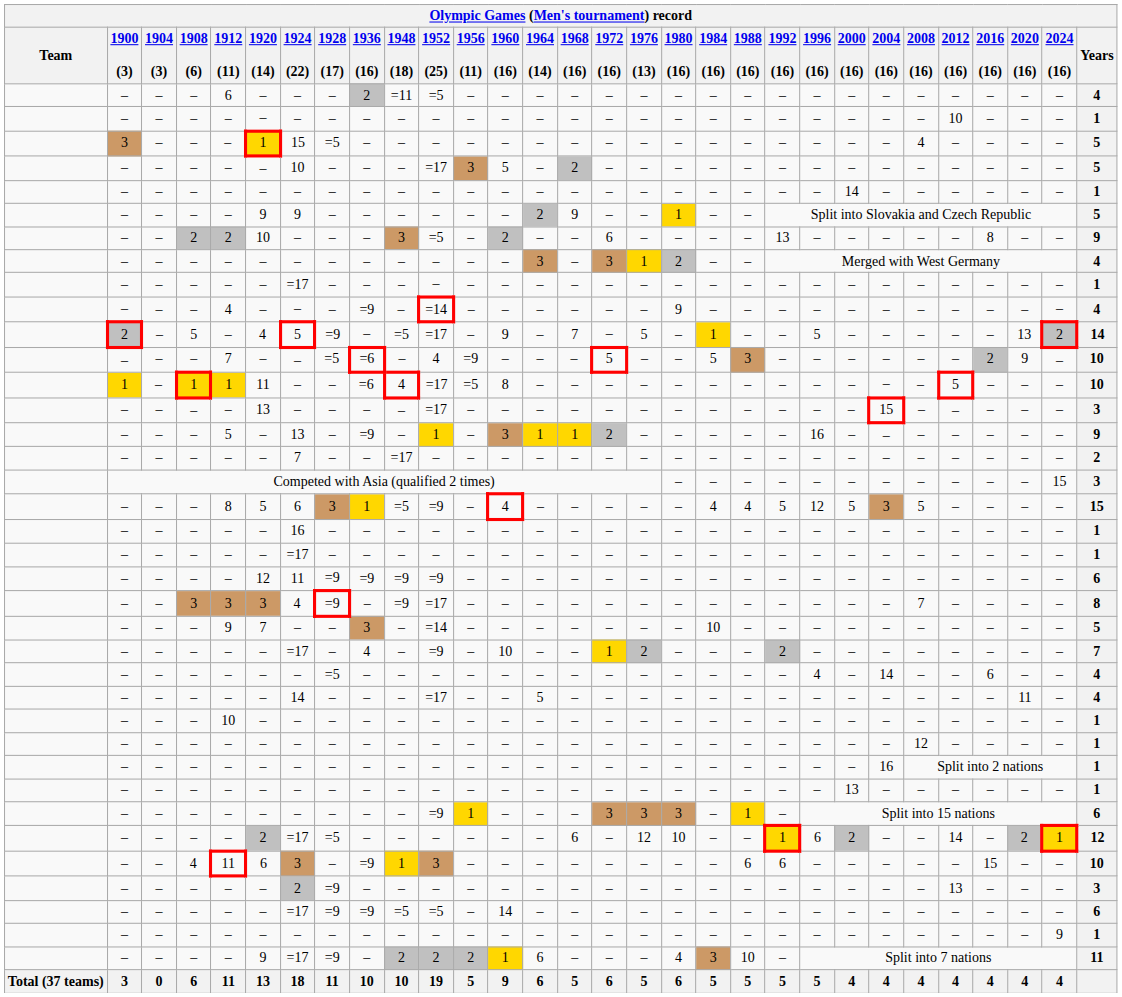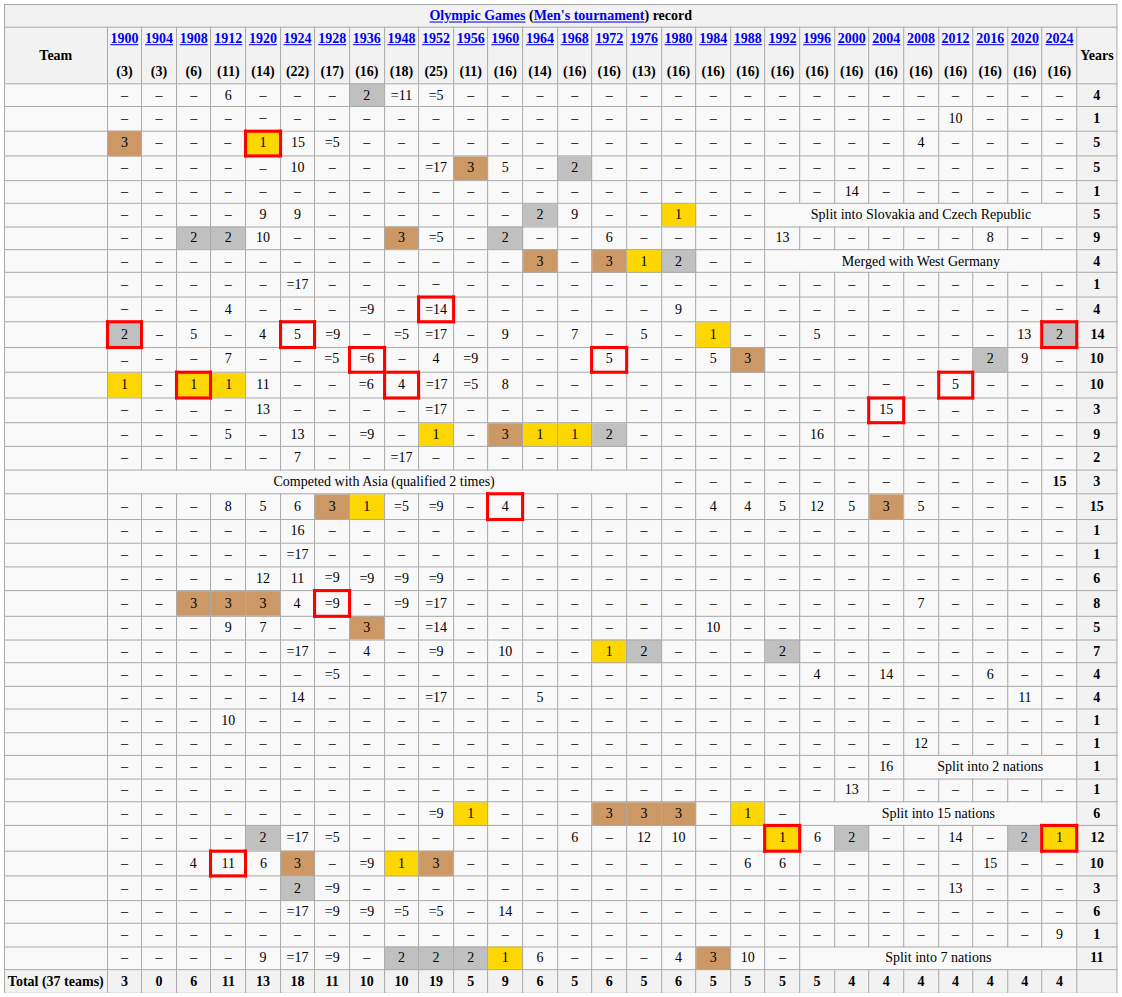 <table class="wikitable" style="text-align:center; font-size:85%;">
 <tr>
 <th colspan="30"><a href='#'>Olympic Games</a> (<a href='#'>Men's tournament</a>) record</th>
 </tr>
 <tr>
 <th>Team</th>
 <th><a href='#'>1900</a><br><br>(3)</th>
 <th><a href='#'>1904</a><br><br>(3)</th>
 <th><a href='#'>1908</a><br><br>(6)</th>
 <th><a href='#'>1912</a><br><br>(11)</th>
 <th><a href='#'>1920</a><br><br>(14)</th>
 <th><a href='#'>1924</a><br><br>(22)</th>
 <th><a href='#'>1928</a><br><br>(17)</th>
 <th><a href='#'>1936</a><br><br>(16)</th>
 <th><a href='#'>1948</a><br><br>(18)</th>
 <th><a href='#'>1952</a><br><br>(25)</th>
 <th><a href='#'>1956</a><br><br>(11)</th>
 <th><a href='#'>1960</a><br><br>(16)</th>
 <th><a href='#'>1964</a><br><br>(14)</th>
 <th><a href='#'>1968</a><br><br>(16)</th>
 <th><a href='#'>1972</a><br><br>(16)</th>
 <th><a href='#'>1976</a><br><br>(13)</th>
 <th><a href='#'>1980</a><br><br>(16)</th>
 <th><a href='#'>1984</a><br><br>(16)</th>
 <th><a href='#'>1988</a><br><br>(16)</th>
 <th><a href='#'>1992</a><br><br>(16)</th>
 <th><a href='#'>1996</a><br><br>(16)</th>
 <th><a href='#'>2000</a><br><br>(16)</th>
 <th><a href='#'>2004</a><br><br>(16)</th>
 <th><a href='#'>2008</a><br><br>(16)</th>
 <th><a href='#'>2012</a><br><br>(16)</th>
 <th><a href='#'>2016</a><br><br>(16)</th>
 <th><a href='#'>2020</a><br><br>(16)</th>
 <th><a href='#'>2024</a><br><br>(16)</th>
 <th>Years</th>
 </tr>
 <tr>
 <td align=left></td>
 <td>–</td>
 <td>–</td>
 <td>–</td>
 <td>6</td>
 <td>–</td>
 <td>–</td>
 <td>–</td>
 <td style="background:silver;">2</td>
 <td>=11</td>
 <td>=5</td>
 <td>–</td>
 <td>–</td>
 <td>–</td>
 <td>–</td>
 <td>–</td>
 <td>–</td>
 <td>–</td>
 <td>–</td>
 <td>–</td>
 <td>–</td>
 <td>–</td>
 <td>–</td>
 <td>–</td>
 <td>–</td>
 <td>–</td>
 <td>–</td>
 <td>–</td>
 <td>–</td>
 <th><strong>4</strong></th>
 </tr>
 <tr>
 <td align=left></td>
 <td>–</td>
 <td>–</td>
 <td>–</td>
 <td>–</td>
 <td>–</td>
 <td>–</td>
 <td>–</td>
 <td>–</td>
 <td>–</td>
 <td>–</td>
 <td>–</td>
 <td>–</td>
 <td>–</td>
 <td>–</td>
 <td>–</td>
 <td>–</td>
 <td>–</td>
 <td>–</td>
 <td>–</td>
 <td>–</td>
 <td>–</td>
 <td>–</td>
 <td>–</td>
 <td>–</td>
 <td>10</td>
 <td>–</td>
 <td>–</td>
 <td>–</td>
 <th><strong>1</strong></th>
 </tr>
 <tr>
 <td align=left></td>
 <td style="background:#c96;">3</td>
 <td>–</td>
 <td>–</td>
 <td>–</td>
 <td style="border:3px solid red; background:gold">1</td>
 <td>15</td>
 <td>=5</td>
 <td>–</td>
 <td>–</td>
 <td>–</td>
 <td>–</td>
 <td>–</td>
 <td>–</td>
 <td>–</td>
 <td>–</td>
 <td>–</td>
 <td>–</td>
 <td>–</td>
 <td>–</td>
 <td>–</td>
 <td>–</td>
 <td>–</td>
 <td>–</td>
 <td>4</td>
 <td>–</td>
 <td>–</td>
 <td>–</td>
 <td>–</td>
 <th><strong>5</strong></th>
 </tr>
 <tr>
 <td align=left></td>
 <td>–</td>
 <td>–</td>
 <td>–</td>
 <td>–</td>
 <td>–</td>
 <td>10</td>
 <td>–</td>
 <td>–</td>
 <td>–</td>
 <td>=17</td>
 <td style="background:#c96;">3</td>
 <td>5</td>
 <td>–</td>
 <td style="background:silver;">2</td>
 <td>–</td>
 <td>–</td>
 <td>–</td>
 <td>–</td>
 <td>–</td>
 <td>–</td>
 <td>–</td>
 <td>–</td>
 <td>–</td>
 <td>–</td>
 <td>–</td>
 <td>–</td>
 <td>–</td>
 <td>–</td>
 <th><strong>5</strong></th>
 </tr>
 <tr>
 <td align=left></td>
 <td>–</td>
 <td>–</td>
 <td>–</td>
 <td>–</td>
 <td>–</td>
 <td>–</td>
 <td>–</td>
 <td>–</td>
 <td>–</td>
 <td>–</td>
 <td>–</td>
 <td>–</td>
 <td>–</td>
 <td>–</td>
 <td>–</td>
 <td>–</td>
 <td>–</td>
 <td>–</td>
 <td>–</td>
 <td>–</td>
 <td>–</td>
 <td>14</td>
 <td>–</td>
 <td>–</td>
 <td>–</td>
 <td>–</td>
 <td>–</td>
 <td>–</td>
 <th><strong>1</strong></th>
 </tr>
 <tr>
 <td align=left></td>
 <td>–</td>
 <td>–</td>
 <td>–</td>
 <td>–</td>
 <td>9</td>
 <td>9</td>
 <td>–</td>
 <td>–</td>
 <td>–</td>
 <td>–</td>
 <td>–</td>
 <td>–</td>
 <td style="background:silver;">2</td>
 <td>9</td>
 <td>–</td>
 <td>–</td>
 <td bgcolor=gold>1</td>
 <td>–</td>
 <td>–</td>
 <td colspan=9>Split into Slovakia and Czech Republic</td>
 <th><strong>5</strong></th>
 </tr>
 <tr>
 <td align=left></td>
 <td>–</td>
 <td>–</td>
 <td style="background:silver;">2</td>
 <td style="background:silver;">2</td>
 <td>10</td>
 <td>–</td>
 <td>–</td>
 <td>–</td>
 <td style="background:#c96;">3</td>
 <td>=5</td>
 <td>–</td>
 <td style="background:silver;">2</td>
 <td>–</td>
 <td>–</td>
 <td>6</td>
 <td>–</td>
 <td>–</td>
 <td>–</td>
 <td>–</td>
 <td>13</td>
 <td>–</td>
 <td>–</td>
 <td>–</td>
 <td>–</td>
 <td>–</td>
 <td>8</td>
 <td>–</td>
 <td>–</td>
 <th><strong>9</strong></th>
 </tr>
 <tr>
 <td align=left></td>
 <td>–</td>
 <td>–</td>
 <td>–</td>
 <td>–</td>
 <td>–</td>
 <td>–</td>
 <td>–</td>
 <td>–</td>
 <td>–</td>
 <td>–</td>
 <td>–</td>
 <td>–</td>
 <td style="background:#c96;">3</td>
 <td>–</td>
 <td style="background:#c96;">3</td>
 <td bgcolor=gold>1</td>
 <td style="background:silver;">2</td>
 <td>–</td>
 <td>–</td>
 <td colspan=9>Merged with West Germany</td>
 <th><strong>4</strong></th>
 </tr>
 <tr>
 <td align=left></td>
 <td>–</td>
 <td>–</td>
 <td>–</td>
 <td>–</td>
 <td>–</td>
 <td>=17</td>
 <td>–</td>
 <td>–</td>
 <td>–</td>
 <td>–</td>
 <td>–</td>
 <td>–</td>
 <td>–</td>
 <td>–</td>
 <td>–</td>
 <td>–</td>
 <td>–</td>
 <td>–</td>
 <td>–</td>
 <td>–</td>
 <td>–</td>
 <td>–</td>
 <td>–</td>
 <td>–</td>
 <td>–</td>
 <td>–</td>
 <td>–</td>
 <td>–</td>
 <th><strong>1</strong></th>
 </tr>
 <tr>
 <td align=left></td>
 <td>–</td>
 <td>–</td>
 <td>–</td>
 <td>4</td>
 <td>–</td>
 <td>–</td>
 <td>–</td>
 <td>=9</td>
 <td>–</td>
 <td style="border:3px solid red">=14</td>
 <td>–</td>
 <td>–</td>
 <td>–</td>
 <td>–</td>
 <td>–</td>
 <td>–</td>
 <td>9</td>
 <td>–</td>
 <td>–</td>
 <td>–</td>
 <td>–</td>
 <td>–</td>
 <td>–</td>
 <td>–</td>
 <td>–</td>
 <td>–</td>
 <td>–</td>
 <td>–</td>
 <th><strong>4</strong></th>
 </tr>
 <tr>
 <td align=left></td>
 <td style="border:3px solid red; background:silver">2</td>
 <td>–</td>
 <td>5</td>
 <td>–</td>
 <td>4</td>
 <td style="border:3px solid red">5</td>
 <td>=9</td>
 <td>–</td>
 <td>=5</td>
 <td>=17</td>
 <td>–</td>
 <td>9</td>
 <td>–</td>
 <td>7</td>
 <td>–</td>
 <td>5</td>
 <td>–</td>
 <td bgcolor=gold>1</td>
 <td>–</td>
 <td>–</td>
 <td>5</td>
 <td>–</td>
 <td>–</td>
 <td>–</td>
 <td>–</td>
 <td>–</td>
 <td>13</td>
 <td style="border:3px solid red; background:silver">2</td>
 <th><strong>14</strong></th>
 </tr>
 <tr>
 <td align=left></td>
 <td>–</td>
 <td>–</td>
 <td>–</td>
 <td>7</td>
 <td>–</td>
 <td>–</td>
 <td>=5</td>
 <td style="border:3px solid red">=6</td>
 <td>–</td>
 <td>4</td>
 <td>=9</td>
 <td>–</td>
 <td>–</td>
 <td>–</td>
 <td style="border:3px solid red">5</td>
 <td>–</td>
 <td>–</td>
 <td>5</td>
 <td style="background:#c96;">3</td>
 <td>–</td>
 <td>–</td>
 <td>–</td>
 <td>–</td>
 <td>–</td>
 <td>–</td>
 <td style="background:silver;">2</td>
 <td>9</td>
 <td>–</td>
 <th><strong>10</strong></th>
 </tr>
 <tr>
 <td align=left></td>
 <td bgcolor=gold>1</td>
 <td>–</td>
 <td style="border:3px solid red; background:gold">1</td>
 <td bgcolor=gold>1</td>
 <td>11</td>
 <td>–</td>
 <td>–</td>
 <td>=6</td>
 <td style="border:3px solid red">4</td>
 <td>=17</td>
 <td>=5</td>
 <td>8</td>
 <td>–</td>
 <td>–</td>
 <td>–</td>
 <td>–</td>
 <td>–</td>
 <td>–</td>
 <td>–</td>
 <td>–</td>
 <td>–</td>
 <td>–</td>
 <td>–</td>
 <td>–</td>
 <td style="border:3px solid red">5</td>
 <td>–</td>
 <td>–</td>
 <td>–</td>
 <th><strong>10</strong></th>
 </tr>
 <tr>
 <td align=left></td>
 <td>–</td>
 <td>–</td>
 <td>–</td>
 <td>–</td>
 <td>13</td>
 <td>–</td>
 <td>–</td>
 <td>–</td>
 <td>–</td>
 <td>=17</td>
 <td>–</td>
 <td>–</td>
 <td>–</td>
 <td>–</td>
 <td>–</td>
 <td>–</td>
 <td>–</td>
 <td>–</td>
 <td>–</td>
 <td>–</td>
 <td>–</td>
 <td>–</td>
 <td style="border:3px solid red">15</td>
 <td>–</td>
 <td>–</td>
 <td>–</td>
 <td>–</td>
 <td>–</td>
 <th><strong>3</strong></th>
 </tr>
 <tr>
 <td align=left></td>
 <td>–</td>
 <td>–</td>
 <td>–</td>
 <td>5</td>
 <td>–</td>
 <td>13</td>
 <td>–</td>
 <td>=9</td>
 <td>–</td>
 <td bgcolor=gold>1</td>
 <td>–</td>
 <td style="background:#c96;">3</td>
 <td bgcolor=gold>1</td>
 <td bgcolor=gold>1</td>
 <td style="background:silver;">2</td>
 <td>–</td>
 <td>–</td>
 <td>–</td>
 <td>–</td>
 <td>–</td>
 <td>16</td>
 <td>–</td>
 <td>–</td>
 <td>–</td>
 <td>–</td>
 <td>–</td>
 <td>–</td>
 <td>–</td>
 <th><strong>9</strong></th>
 </tr>
 <tr>
 <td align=left></td>
 <td>–</td>
 <td>–</td>
 <td>–</td>
 <td>–</td>
 <td>–</td>
 <td>7</td>
 <td>–</td>
 <td>–</td>
 <td>=17</td>
 <td>–</td>
 <td>–</td>
 <td>–</td>
 <td>–</td>
 <td>–</td>
 <td>–</td>
 <td>–</td>
 <td>–</td>
 <td>–</td>
 <td>–</td>
 <td>–</td>
 <td>–</td>
 <td>–</td>
 <td>–</td>
 <td>–</td>
 <td>–</td>
 <td>–</td>
 <td>–</td>
 <td>–</td>
 <th><strong>2</strong></th>
 </tr>
 <tr>
 <td align=left></td>
 <td colspan="16">Competed with Asia (qualified 2 times)</td>
 <td>–</td>
 <td>–</td>
 <td>–</td>
 <td>–</td>
 <td>–</td>
 <td>–</td>
 <td>–</td>
 <td>–</td>
 <td>–</td>
 <td>–</td>
 <td>–</td>
-<td>15</td>
+<td><strong>15</strong></td>
 <th><strong>3</strong></th>
 </tr>
 <tr>
 <td align=left></td>
 <td>–</td>
 <td>–</td>
 <td>–</td>
 <td>8</td>
 <td>5</td>
 <td>6</td>
 <td style="background:#c96;">3</td>
 <td bgcolor=gold>1</td>
 <td>=5</td>
 <td>=9</td>
 <td>–</td>
 <td style="border:3px solid red">4</td>
 <td>–</td>
 <td>–</td>
 <td>–</td>
 <td>–</td>
 <td>–</td>
 <td>4</td>
 <td>4</td>
 <td>5</td>
 <td>12</td>
 <td>5</td>
 <td style="background:#c96;">3</td>
 <td>5</td>
 <td>–</td>
 <td>–</td>
 <td>–</td>
 <td>–</td>
 <th><strong>15</strong></th>
 </tr>
 <tr>
 <td align=left></td>
 <td>–</td>
 <td>–</td>
 <td>–</td>
 <td>–</td>
 <td>–</td>
 <td>16</td>
 <td>–</td>
 <td>–</td>
 <td>–</td>
 <td>–</td>
 <td>–</td>
 <td>–</td>
 <td>–</td>
 <td>–</td>
 <td>–</td>
 <td>–</td>
 <td>–</td>
 <td>–</td>
 <td>–</td>
 <td>–</td>
 <td>–</td>
 <td>–</td>
 <td>–</td>
 <td>–</td>
 <td>–</td>
 <td>–</td>
 <td>–</td>
 <td>–</td>
 <th><strong>1</strong></th>
 </tr>
 <tr>
 <td align=left></td>
 <td>–</td>
 <td>–</td>
 <td>–</td>
 <td>–</td>
 <td>–</td>
 <td>=17</td>
 <td>–</td>
 <td>–</td>
 <td>–</td>
 <td>–</td>
 <td>–</td>
 <td>–</td>
 <td>–</td>
 <td>–</td>
 <td>–</td>
 <td>–</td>
 <td>–</td>
 <td>–</td>
 <td>–</td>
 <td>–</td>
 <td>–</td>
 <td>–</td>
 <td>–</td>
 <td>–</td>
 <td>–</td>
 <td>–</td>
 <td>–</td>
 <td>–</td>
 <th><strong>1</strong></th>
 </tr>
 <tr>
 <td align=left></td>
 <td>–</td>
 <td>–</td>
 <td>–</td>
 <td>–</td>
 <td>12</td>
 <td>11</td>
 <td>=9</td>
 <td>=9</td>
 <td>=9</td>
 <td>=9</td>
 <td>–</td>
 <td>–</td>
 <td>–</td>
 <td>–</td>
 <td>–</td>
 <td>–</td>
 <td>–</td>
 <td>–</td>
 <td>–</td>
 <td>–</td>
 <td>–</td>
 <td>–</td>
 <td>–</td>
 <td>–</td>
 <td>–</td>
 <td>–</td>
 <td>–</td>
 <td>–</td>
 <th><strong>6</strong></th>
 </tr>
 <tr>
 <td align=left></td>
 <td>–</td>
 <td>–</td>
 <td style="background:#c96;">3</td>
 <td style="background:#c96;">3</td>
 <td style="background:#c96;">3</td>
 <td>4</td>
 <td style="border:3px solid red">=9</td>
 <td>–</td>
 <td>=9</td>
 <td>=17</td>
 <td>–</td>
 <td>–</td>
 <td>–</td>
 <td>–</td>
 <td>–</td>
 <td>–</td>
 <td>–</td>
 <td>–</td>
 <td>–</td>
 <td>–</td>
 <td>–</td>
 <td>–</td>
 <td>–</td>
 <td>7</td>
 <td>–</td>
 <td>–</td>
 <td>–</td>
 <td>–</td>
 <th><strong>8</strong></th>
 </tr>
 <tr>
 <td align=left></td>
 <td>–</td>
 <td>–</td>
 <td>–</td>
 <td>9</td>
 <td>7</td>
 <td>–</td>
 <td>–</td>
 <td style="background:#c96;">3</td>
 <td>–</td>
 <td>=14</td>
 <td>–</td>
 <td>–</td>
 <td>–</td>
 <td>–</td>
 <td>–</td>
 <td>–</td>
 <td>–</td>
 <td>10</td>
 <td>–</td>
 <td>–</td>
 <td>–</td>
 <td>–</td>
 <td>–</td>
 <td>–</td>
 <td>–</td>
 <td>–</td>
 <td>–</td>
 <td>–</td>
 <th><strong>5</strong></th>
 </tr>
 <tr>
 <td align=left></td>
 <td>–</td>
 <td>–</td>
 <td>–</td>
 <td>–</td>
 <td>–</td>
 <td>=17</td>
 <td>–</td>
 <td>4</td>
 <td>–</td>
 <td>=9</td>
 <td>–</td>
 <td>10</td>
 <td>–</td>
 <td>–</td>
 <td bgcolor="gold">1</td>
 <td style="background:silver;">2</td>
 <td>–</td>
 <td>–</td>
 <td>–</td>
 <td style="background:silver;">2</td>
 <td>–</td>
 <td>–</td>
 <td>–</td>
 <td>–</td>
 <td>–</td>
 <td>–</td>
 <td>–</td>
 <td>–</td>
 <th><strong>7</strong></th>
 </tr>
 <tr>
 <td align=left></td>
 <td>–</td>
 <td>–</td>
 <td>–</td>
 <td>–</td>
 <td>–</td>
 <td>–</td>
 <td>=5</td>
 <td>–</td>
 <td>–</td>
 <td>–</td>
 <td>–</td>
 <td>–</td>
 <td>–</td>
 <td>–</td>
 <td>–</td>
 <td>–</td>
 <td>–</td>
 <td>–</td>
 <td>–</td>
 <td>–</td>
 <td>4</td>
 <td>–</td>
 <td>14</td>
 <td>–</td>
 <td>–</td>
 <td>6</td>
 <td>–</td>
 <td>–</td>
 <th><strong>4</strong></th>
 </tr>
 <tr>
 <td align=left></td>
 <td>–</td>
 <td>–</td>
 <td>–</td>
 <td>–</td>
 <td>–</td>
 <td>14</td>
 <td>–</td>
 <td>–</td>
 <td>–</td>
 <td>=17</td>
 <td>–</td>
 <td>–</td>
 <td>5</td>
 <td>–</td>
 <td>–</td>
 <td>–</td>
 <td>–</td>
 <td>–</td>
 <td>–</td>
 <td>–</td>
 <td>–</td>
 <td>–</td>
 <td>–</td>
 <td>–</td>
 <td>–</td>
 <td>–</td>
 <td>11</td>
 <td>–</td>
 <th><strong>4</strong></th>
 </tr>
 <tr>
 <td align=left></td>
 <td>–</td>
 <td>–</td>
 <td>–</td>
 <td>10</td>
 <td>–</td>
 <td>–</td>
 <td>–</td>
 <td>–</td>
 <td>–</td>
 <td>–</td>
 <td>–</td>
 <td>–</td>
 <td>–</td>
 <td>–</td>
 <td>–</td>
 <td>–</td>
 <td>–</td>
 <td>–</td>
 <td>–</td>
 <td>–</td>
 <td>–</td>
 <td>–</td>
 <td>–</td>
 <td>–</td>
 <td>–</td>
 <td>–</td>
 <td>–</td>
 <td>–</td>
 <th><strong>1</strong></th>
 </tr>
 <tr>
 <td align=left></td>
 <td>–</td>
 <td>–</td>
 <td>–</td>
 <td>–</td>
 <td>–</td>
 <td>–</td>
 <td>–</td>
 <td>–</td>
 <td>–</td>
 <td>–</td>
 <td>–</td>
 <td>–</td>
 <td>–</td>
 <td>–</td>
 <td>–</td>
 <td>–</td>
 <td>–</td>
 <td>–</td>
 <td>–</td>
 <td>–</td>
 <td>–</td>
 <td>–</td>
 <td>–</td>
 <td>12</td>
 <td>–</td>
 <td>–</td>
 <td>–</td>
 <td>–</td>
 <th><strong>1</strong></th>
 </tr>
 <tr>
 <td align=left></td>
 <td>–</td>
 <td>–</td>
 <td>–</td>
 <td>–</td>
 <td>–</td>
 <td>–</td>
 <td>–</td>
 <td>–</td>
 <td>–</td>
 <td>–</td>
 <td>–</td>
 <td>–</td>
 <td>–</td>
 <td>–</td>
 <td>–</td>
 <td>–</td>
 <td>–</td>
 <td>–</td>
 <td>–</td>
 <td>–</td>
 <td>–</td>
 <td>–</td>
 <td>16</td>
 <td colspan=5>Split into 2 nations</td>
 <th><strong>1</strong></th>
 </tr>
 <tr>
 <td align=left></td>
 <td>–</td>
 <td>–</td>
 <td>–</td>
 <td>–</td>
 <td>–</td>
 <td>–</td>
 <td>–</td>
 <td>–</td>
 <td>–</td>
 <td>–</td>
 <td>–</td>
 <td>–</td>
 <td>–</td>
 <td>–</td>
 <td>–</td>
 <td>–</td>
 <td>–</td>
 <td>–</td>
 <td>–</td>
 <td>–</td>
 <td>–</td>
 <td>13</td>
 <td>–</td>
 <td>–</td>
 <td>–</td>
 <td>–</td>
 <td>–</td>
 <td>–</td>
 <th><strong>1</strong></th>
 </tr>
 <tr>
 <td align=left></td>
 <td>–</td>
 <td>–</td>
 <td>–</td>
 <td>–</td>
 <td>–</td>
 <td>–</td>
 <td>–</td>
 <td>–</td>
 <td>–</td>
 <td>=9</td>
 <td bgcolor=gold>1</td>
 <td>–</td>
 <td>–</td>
 <td>–</td>
 <td style="background:#c96;">3</td>
 <td style="background:#c96;">3</td>
 <td style="background:#c96;">3</td>
 <td>–</td>
 <td bgcolor=gold>1</td>
 <td>–</td>
 <td colspan=8>Split into 15 nations</td>
 <th><strong>6</strong></th>
 </tr>
 <tr>
 <td align=left></td>
 <td>–</td>
 <td>–</td>
 <td>–</td>
 <td>–</td>
 <td style="background:silver;">2</td>
 <td>=17</td>
 <td>=5</td>
 <td>–</td>
 <td>–</td>
 <td>–</td>
 <td>–</td>
 <td>–</td>
 <td>–</td>
 <td>6</td>
 <td>–</td>
 <td>12</td>
 <td>10</td>
 <td>–</td>
 <td>–</td>
 <td style="border:3px solid red; background:gold">1</td>
 <td>6</td>
 <td style="background:silver;">2</td>
 <td>–</td>
 <td>–</td>
 <td>14</td>
 <td>–</td>
 <td style="background:silver;">2</td>
 <td style="border:3px solid red; background:gold">1</td>
 <th><strong>12</strong></th>
 </tr>
 <tr>
 <td align=left></td>
 <td>–</td>
 <td>–</td>
 <td>4</td>
 <td style="border:3px solid red">11</td>
 <td>6</td>
 <td style="background:#c96;">3</td>
 <td>–</td>
 <td>=9</td>
 <td bgcolor=gold>1</td>
 <td style="background:#c96;">3</td>
 <td>–</td>
 <td>–</td>
 <td>–</td>
 <td>–</td>
 <td>–</td>
 <td>–</td>
 <td>–</td>
 <td>–</td>
 <td>6</td>
 <td>6</td>
 <td>–</td>
 <td>–</td>
 <td>–</td>
 <td>–</td>
 <td>–</td>
 <td>15</td>
 <td>–</td>
 <td>–</td>
 <th><strong>10</strong></th>
 </tr>
 <tr>
 <td align=left></td>
 <td>–</td>
 <td>–</td>
 <td>–</td>
 <td>–</td>
 <td>–</td>
 <td style="background:silver;">2</td>
 <td>=9</td>
 <td>–</td>
 <td>–</td>
 <td>–</td>
 <td>–</td>
 <td>–</td>
 <td>–</td>
 <td>–</td>
 <td>–</td>
 <td>–</td>
 <td>–</td>
 <td>–</td>
 <td>–</td>
 <td>–</td>
 <td>–</td>
 <td>–</td>
 <td>–</td>
 <td>–</td>
 <td>13</td>
 <td>–</td>
 <td>–</td>
 <td>–</td>
 <th><strong>3</strong></th>
 </tr>
 <tr>
 <td align=left></td>
 <td>–</td>
 <td>–</td>
 <td>–</td>
 <td>–</td>
 <td>–</td>
 <td>=17</td>
 <td>=9</td>
 <td>=9</td>
 <td>=5</td>
 <td>=5</td>
 <td>–</td>
 <td>14</td>
 <td>–</td>
 <td>–</td>
 <td>–</td>
 <td>–</td>
 <td>–</td>
 <td>–</td>
 <td>–</td>
 <td>–</td>
 <td>–</td>
 <td>–</td>
 <td>–</td>
 <td>–</td>
 <td>–</td>
 <td>–</td>
 <td>–</td>
 <td>–</td>
 <th><strong>6</strong></th>
 </tr>
 <tr>
 <td align=left></td>
 <td>–</td>
 <td>–</td>
 <td>–</td>
 <td>–</td>
 <td>–</td>
 <td>–</td>
 <td>–</td>
 <td>–</td>
 <td>–</td>
 <td>–</td>
 <td>–</td>
 <td>–</td>
 <td>–</td>
 <td>–</td>
 <td>–</td>
 <td>–</td>
 <td>–</td>
 <td>–</td>
 <td>–</td>
 <td>–</td>
 <td>–</td>
 <td>–</td>
 <td>–</td>
 <td>–</td>
 <td>–</td>
 <td>–</td>
 <td>–</td>
 <td>9</td>
 <th><strong>1</strong></th>
 </tr>
 <tr>
 <td align=left></td>
 <td>–</td>
 <td>–</td>
 <td>–</td>
 <td>–</td>
 <td>9</td>
 <td>=17</td>
 <td>=9</td>
 <td>–</td>
 <td style="background:silver;">2</td>
 <td style="background:silver;">2</td>
 <td style="background:silver;">2</td>
 <td bgcolor=gold>1</td>
 <td>6</td>
 <td>–</td>
 <td>–</td>
 <td>–</td>
 <td>4</td>
 <td style="background:#c96;">3</td>
 <td>10</td>
 <td>–</td>
 <td colspan=8>Split into 7 nations</td>
 <th><strong>11</strong></th>
 </tr>
 <tr>
 <th align=left><strong>Total (37 teams)</strong></th>
 <th><strong>3</strong></th>
 <th><strong>0</strong></th>
 <th><strong>6</strong></th>
 <th><strong>11</strong></th>
 <th><strong>13</strong></th>
 <th><strong>18</strong></th>
 <th><strong>11</strong></th>
 <th><strong>10</strong></th>
 <th><strong>10</strong></th>
 <th><strong>19</strong></th>
 <th><strong>5</strong></th>
 <th><strong>9</strong></th>
 <th><strong>6</strong></th>
 <th><strong>5</strong></th>
 <th><strong>6</strong></th>
 <th><strong>5</strong></th>
 <th><strong>6</strong></th>
 <th><strong>5</strong></th>
 <th><strong>5</strong></th>
 <th><strong>5</strong></th>
 <th><strong>5</strong></th>
 <th><strong>4</strong></th>
 <th><strong>4</strong></th>
 <th><strong>4</strong></th>
 <th><strong>4</strong></th>
 <th><strong>4</strong></th>
 <th><strong>4</strong></th>
 <th><strong>4</strong></th>
 <th></th>
 </tr>
 </table>
